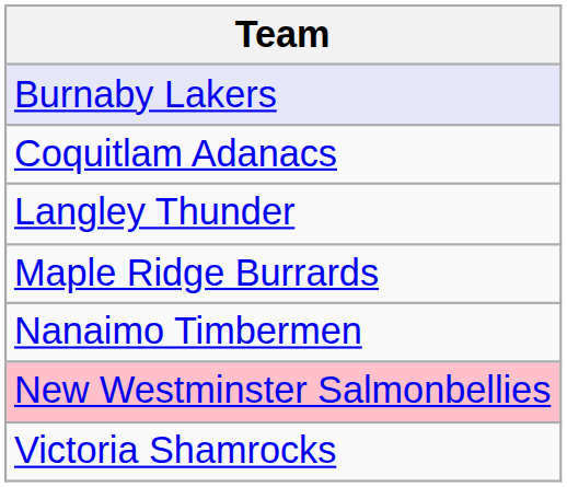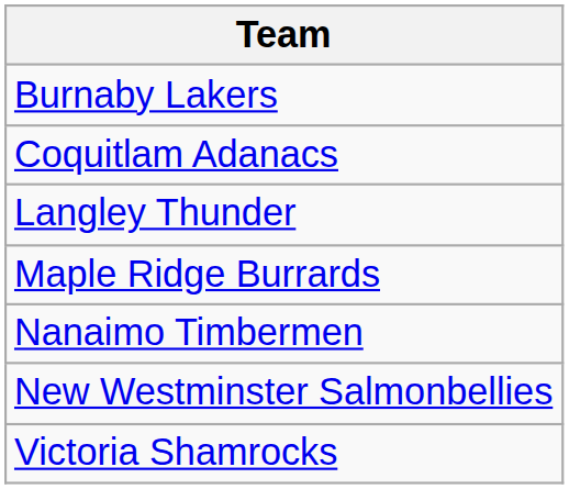 <table class="wikitable">
 <tr>
 <th>Team</th>
 </tr>
 <tr>
-<td style="background: lavender;"><a href='#'>Burnaby Lakers</a></td>
+<td><a href='#'>Burnaby Lakers</a></td>
 </tr>
 <tr>
 <td><a href='#'>Coquitlam Adanacs</a></td>
 </tr>
 <tr>
 <td><a href='#'>Langley Thunder</a></td>
 </tr>
 <tr>
 <td><a href='#'>Maple Ridge Burrards</a></td>
 </tr>
 <tr>
 <td><a href='#'>Nanaimo Timbermen</a></td>
 </tr>
 <tr>
-<td style="background: pink;"><a href='#'>New Westminster Salmonbellies</a></td>
+<td><a href='#'>New Westminster Salmonbellies</a></td>
 </tr>
 <tr>
 <td><a href='#'>Victoria Shamrocks</a></td>
 </tr>
 </table>
